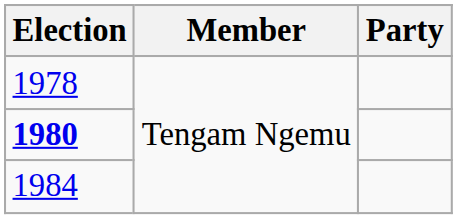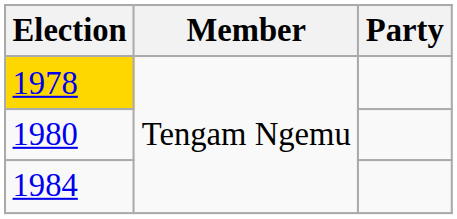 <table class="wikitable sortable">
 <tr>
 <th>Election</th>
 <th>Member</th>
 <th colspan=2>Party</th>
 </tr>
 <tr>
-<td><a href='#'>1978</a></td>
+<td style="background: gold;"><a href='#'>1978</a></td>
 <td rowspan=3>Tengam Ngemu</td>
 <td></td>
 </tr>
 <tr>
-<td><strong><a href='#'>1980</a></strong></td>
+<td><a href='#'>1980</a></td>
 <td></td>
 </tr>
 <tr>
 <td><a href='#'>1984</a></td>
 <td></td>
 </tr>
 </table>
